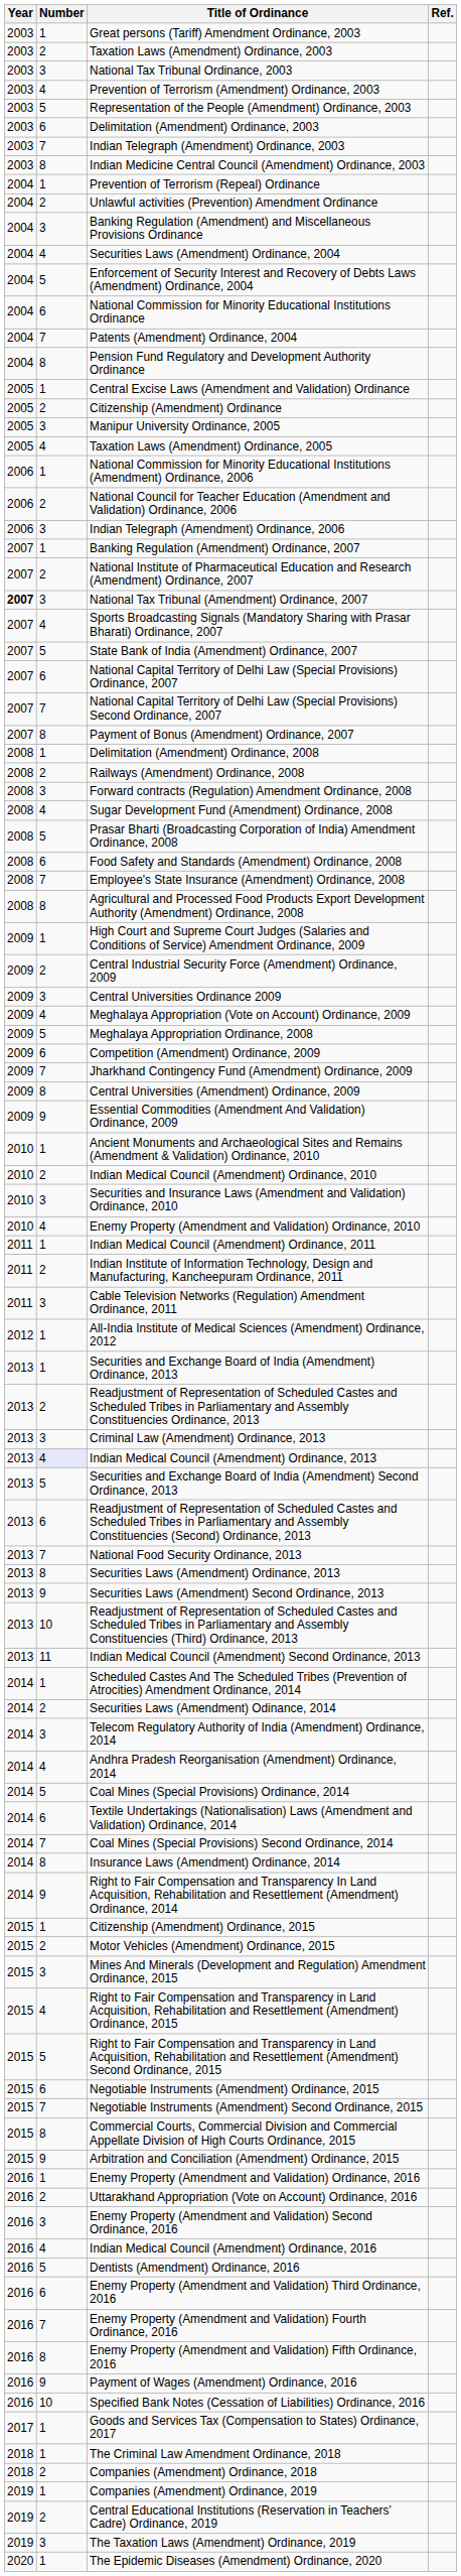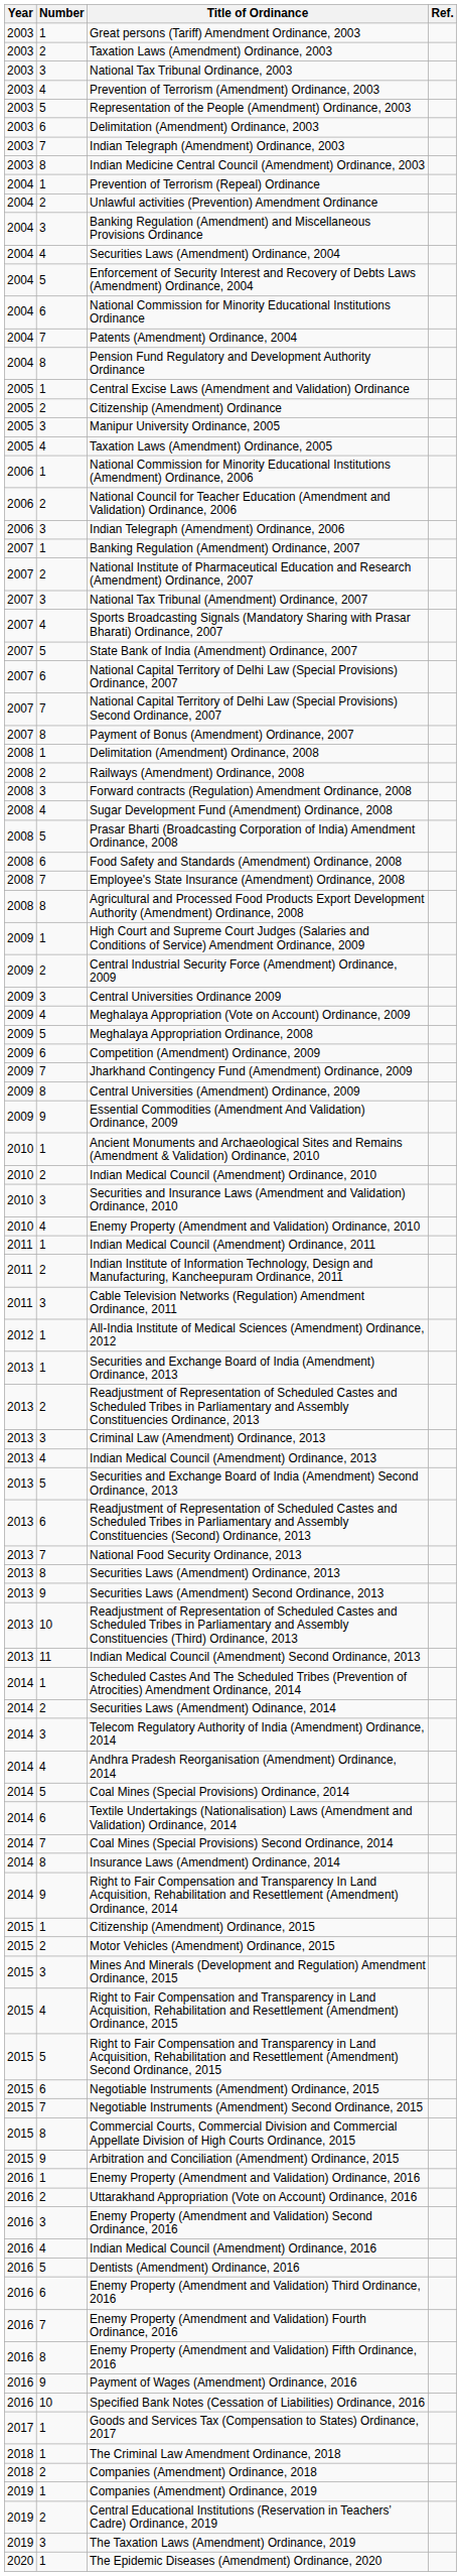 <table class="wikitable">
 <tr>
 <th>Year</th>
 <th>Number</th>
 <th>Title of Ordinance</th>
 <th>Ref.</th>
 </tr>
 <tr>
 <td>2003</td>
 <td>1</td>
 <td>Great persons (Tariff) Amendment Ordinance, 2003</td>
 <td></td>
 </tr>
 <tr>
 <td>2003</td>
 <td>2</td>
 <td>Taxation Laws (Amendment) Ordinance, 2003</td>
 <td></td>
 </tr>
 <tr>
 <td>2003</td>
 <td>3</td>
 <td>National Tax Tribunal Ordinance, 2003</td>
 <td></td>
 </tr>
 <tr>
 <td>2003</td>
 <td>4</td>
 <td>Prevention of Terrorism (Amendment) Ordinance, 2003</td>
 <td></td>
 </tr>
 <tr>
 <td>2003</td>
 <td>5</td>
 <td>Representation of the People (Amendment) Ordinance, 2003</td>
 <td></td>
 </tr>
 <tr>
 <td>2003</td>
 <td>6</td>
 <td>Delimitation (Amendment) Ordinance, 2003</td>
 <td></td>
 </tr>
 <tr>
 <td>2003</td>
 <td>7</td>
 <td>Indian Telegraph (Amendment) Ordinance, 2003</td>
 <td></td>
 </tr>
 <tr>
 <td>2003</td>
 <td>8</td>
 <td>Indian Medicine Central Council (Amendment) Ordinance, 2003</td>
 <td></td>
 </tr>
 <tr>
 <td>2004</td>
 <td>1</td>
 <td>Prevention of Terrorism (Repeal) Ordinance</td>
 <td></td>
 </tr>
 <tr>
 <td>2004</td>
 <td>2</td>
 <td>Unlawful activities (Prevention) Amendment Ordinance</td>
 <td></td>
 </tr>
 <tr>
 <td>2004</td>
 <td>3</td>
 <td>Banking Regulation (Amendment) and Miscellaneous Provisions Ordinance</td>
 <td></td>
 </tr>
 <tr>
 <td>2004</td>
 <td>4</td>
 <td>Securities Laws (Amendment) Ordinance, 2004</td>
 <td></td>
 </tr>
 <tr>
 <td>2004</td>
 <td>5</td>
 <td>Enforcement of Security Interest and Recovery of Debts Laws (Amendment) Ordinance, 2004</td>
 <td></td>
 </tr>
 <tr>
 <td>2004</td>
 <td>6</td>
 <td>National Commission for Minority Educational Institutions Ordinance</td>
 <td></td>
 </tr>
 <tr>
 <td>2004</td>
 <td>7</td>
 <td>Patents (Amendment) Ordinance, 2004</td>
 <td></td>
 </tr>
 <tr>
 <td>2004</td>
 <td>8</td>
 <td>Pension Fund Regulatory and Development Authority Ordinance</td>
 <td></td>
 </tr>
 <tr>
 <td>2005</td>
 <td>1</td>
 <td>Central Excise Laws (Amendment and Validation) Ordinance</td>
 <td></td>
 </tr>
 <tr>
 <td>2005</td>
 <td>2</td>
 <td>Citizenship (Amendment) Ordinance</td>
 <td></td>
 </tr>
 <tr>
 <td>2005</td>
 <td>3</td>
 <td>Manipur University Ordinance, 2005</td>
 <td></td>
 </tr>
 <tr>
 <td>2005</td>
 <td>4</td>
 <td>Taxation Laws (Amendment) Ordinance, 2005</td>
 <td></td>
 </tr>
 <tr>
 <td>2006</td>
 <td>1</td>
 <td>National Commission for Minority Educational Institutions (Amendment) Ordinance, 2006</td>
 <td></td>
 </tr>
 <tr>
 <td>2006</td>
 <td>2</td>
 <td>National Council for Teacher Education (Amendment and Validation) Ordinance, 2006</td>
 <td></td>
 </tr>
 <tr>
 <td>2006</td>
 <td>3</td>
 <td>Indian Telegraph (Amendment) Ordinance, 2006</td>
 <td></td>
 </tr>
 <tr>
 <td>2007</td>
 <td>1</td>
 <td>Banking Regulation (Amendment) Ordinance, 2007</td>
 <td></td>
 </tr>
 <tr>
 <td>2007</td>
 <td>2</td>
 <td>National Institute of Pharmaceutical Education and Research (Amendment) Ordinance, 2007</td>
 <td></td>
 </tr>
 <tr>
-<td><strong>2007</strong></td>
+<td>2007</td>
 <td>3</td>
 <td>National Tax Tribunal (Amendment) Ordinance, 2007</td>
 <td></td>
 </tr>
 <tr>
 <td>2007</td>
 <td>4</td>
 <td>Sports Broadcasting Signals (Mandatory Sharing with Prasar Bharati) Ordinance, 2007</td>
 <td></td>
 </tr>
 <tr>
 <td>2007</td>
 <td>5</td>
 <td>State Bank of India (Amendment) Ordinance, 2007</td>
 <td></td>
 </tr>
 <tr>
 <td>2007</td>
 <td>6</td>
 <td>National Capital Territory of Delhi Law (Special Provisions) Ordinance, 2007</td>
 <td></td>
 </tr>
 <tr>
 <td>2007</td>
 <td>7</td>
 <td>National Capital Territory of Delhi Law (Special Provisions) Second Ordinance, 2007</td>
 <td></td>
 </tr>
 <tr>
 <td>2007</td>
 <td>8</td>
 <td>Payment of Bonus (Amendment) Ordinance, 2007</td>
 <td></td>
 </tr>
 <tr>
 <td>2008</td>
 <td>1</td>
 <td>Delimitation (Amendment) Ordinance, 2008</td>
 <td></td>
 </tr>
 <tr>
 <td>2008</td>
 <td>2</td>
 <td>Railways (Amendment) Ordinance, 2008</td>
 <td></td>
 </tr>
 <tr>
 <td>2008</td>
 <td>3</td>
 <td>Forward contracts (Regulation) Amendment Ordinance, 2008</td>
 <td></td>
 </tr>
 <tr>
 <td>2008</td>
 <td>4</td>
 <td>Sugar Development Fund (Amendment) Ordinance, 2008</td>
 <td></td>
 </tr>
 <tr>
 <td>2008</td>
 <td>5</td>
 <td>Prasar Bharti (Broadcasting Corporation of India) Amendment Ordinance, 2008</td>
 <td></td>
 </tr>
 <tr>
 <td>2008</td>
 <td>6</td>
 <td>Food Safety and Standards (Amendment) Ordinance, 2008</td>
 <td></td>
 </tr>
 <tr>
 <td>2008</td>
 <td>7</td>
 <td>Employee's State Insurance (Amendment) Ordinance, 2008</td>
 <td></td>
 </tr>
 <tr>
 <td>2008</td>
 <td>8</td>
 <td>Agricultural and Processed Food Products Export Development Authority (Amendment) Ordinance, 2008</td>
 <td></td>
 </tr>
 <tr>
 <td>2009</td>
 <td>1</td>
 <td>High Court and Supreme Court Judges (Salaries and Conditions of Service) Amendment Ordinance, 2009</td>
 <td></td>
 </tr>
 <tr>
 <td>2009</td>
 <td>2</td>
 <td>Central Industrial Security Force (Amendment) Ordinance, 2009</td>
 <td></td>
 </tr>
 <tr>
 <td>2009</td>
 <td>3</td>
 <td>Central Universities Ordinance 2009</td>
 <td></td>
 </tr>
 <tr>
 <td>2009</td>
 <td>4</td>
 <td>Meghalaya Appropriation (Vote on Account) Ordinance, 2009</td>
 <td></td>
 </tr>
 <tr>
 <td>2009</td>
 <td>5</td>
 <td>Meghalaya Appropriation Ordinance, 2008</td>
 <td></td>
 </tr>
 <tr>
 <td>2009</td>
 <td>6</td>
 <td>Competition (Amendment) Ordinance, 2009</td>
 <td></td>
 </tr>
 <tr>
 <td>2009</td>
 <td>7</td>
 <td>Jharkhand Contingency Fund (Amendment) Ordinance, 2009</td>
 <td></td>
 </tr>
 <tr>
 <td>2009</td>
 <td>8</td>
 <td>Central Universities (Amendment) Ordinance, 2009</td>
 <td></td>
 </tr>
 <tr>
 <td>2009</td>
 <td>9</td>
 <td>Essential Commodities (Amendment And Validation) Ordinance, 2009</td>
 <td></td>
 </tr>
 <tr>
 <td>2010</td>
 <td>1</td>
 <td>Ancient Monuments and Archaeological Sites and Remains (Amendment & Validation) Ordinance, 2010</td>
 <td></td>
 </tr>
 <tr>
 <td>2010</td>
 <td>2</td>
 <td>Indian Medical Council (Amendment) Ordinance, 2010</td>
 <td></td>
 </tr>
 <tr>
 <td>2010</td>
 <td>3</td>
 <td>Securities and Insurance Laws (Amendment and Validation) Ordinance, 2010</td>
 <td></td>
 </tr>
 <tr>
 <td>2010</td>
 <td>4</td>
 <td>Enemy Property (Amendment and Validation) Ordinance, 2010</td>
 <td></td>
 </tr>
 <tr>
 <td>2011</td>
 <td>1</td>
 <td>Indian Medical Council (Amendment) Ordinance, 2011</td>
 <td></td>
 </tr>
 <tr>
 <td>2011</td>
 <td>2</td>
 <td>Indian Institute of Information Technology, Design and Manufacturing, Kancheepuram Ordinance, 2011</td>
 <td></td>
 </tr>
 <tr>
 <td>2011</td>
 <td>3</td>
 <td>Cable Television Networks (Regulation) Amendment Ordinance, 2011</td>
 <td></td>
 </tr>
 <tr>
 <td>2012</td>
 <td>1</td>
 <td>All-India Institute of Medical Sciences (Amendment) Ordinance, 2012</td>
 <td></td>
 </tr>
 <tr>
 <td>2013</td>
 <td>1</td>
 <td>Securities and Exchange Board of India (Amendment) Ordinance, 2013</td>
 <td></td>
 </tr>
 <tr>
 <td>2013</td>
 <td>2</td>
 <td>Readjustment of Representation of Scheduled Castes and Scheduled Tribes in Parliamentary and Assembly Constituencies Ordinance, 2013</td>
 <td></td>
 </tr>
 <tr>
 <td>2013</td>
 <td>3</td>
 <td>Criminal Law (Amendment) Ordinance, 2013</td>
 <td></td>
 </tr>
 <tr>
 <td>2013</td>
-<td style="background: lavender;">4</td>
+<td>4</td>
 <td>Indian Medical Council (Amendment) Ordinance, 2013</td>
 <td></td>
 </tr>
 <tr>
 <td>2013</td>
 <td>5</td>
 <td>Securities and Exchange Board of India (Amendment) Second Ordinance, 2013</td>
 <td></td>
 </tr>
 <tr>
 <td>2013</td>
 <td>6</td>
 <td>Readjustment of Representation of Scheduled Castes and Scheduled Tribes in Parliamentary and Assembly Constituencies (Second) Ordinance, 2013</td>
 <td></td>
 </tr>
 <tr>
 <td>2013</td>
 <td>7</td>
 <td>National Food Security Ordinance, 2013</td>
 <td></td>
 </tr>
 <tr>
 <td>2013</td>
 <td>8</td>
 <td>Securities Laws (Amendment) Ordinance, 2013</td>
 <td></td>
 </tr>
 <tr>
 <td>2013</td>
 <td>9</td>
 <td>Securities Laws (Amendment) Second Ordinance, 2013</td>
 <td></td>
 </tr>
 <tr>
 <td>2013</td>
 <td>10</td>
 <td>Readjustment of Representation of Scheduled Castes and Scheduled Tribes in Parliamentary and Assembly Constituencies (Third) Ordinance, 2013</td>
 <td></td>
 </tr>
 <tr>
 <td>2013</td>
 <td>11</td>
 <td>Indian Medical Council (Amendment) Second Ordinance, 2013</td>
 <td></td>
 </tr>
 <tr>
 <td>2014</td>
 <td>1</td>
 <td>Scheduled Castes And The Scheduled Tribes (Prevention of Atrocities) Amendment Ordinance, 2014</td>
 <td></td>
 </tr>
 <tr>
 <td>2014</td>
 <td>2</td>
 <td>Securities Laws (Amendment) Odinance, 2014</td>
 <td></td>
 </tr>
 <tr>
 <td>2014</td>
 <td>3</td>
 <td>Telecom Regulatory Authority of India (Amendment) Ordinance, 2014</td>
 <td></td>
 </tr>
 <tr>
 <td>2014</td>
 <td>4</td>
 <td>Andhra Pradesh Reorganisation (Amendment) Ordinance, 2014</td>
 <td></td>
 </tr>
 <tr>
 <td>2014</td>
 <td>5</td>
 <td>Coal Mines (Special Provisions) Ordinance, 2014</td>
 <td></td>
 </tr>
 <tr>
 <td>2014</td>
 <td>6</td>
 <td>Textile Undertakings (Nationalisation) Laws (Amendment and Validation) Ordinance, 2014</td>
 <td></td>
 </tr>
 <tr>
 <td>2014</td>
 <td>7</td>
 <td>Coal Mines (Special Provisions) Second Ordinance, 2014</td>
 <td></td>
 </tr>
 <tr>
 <td>2014</td>
 <td>8</td>
 <td>Insurance Laws (Amendment) Ordinance, 2014</td>
 <td></td>
 </tr>
 <tr>
 <td>2014</td>
 <td>9</td>
 <td>Right to Fair Compensation and Transparency In Land Acquisition, Rehabilitation and Resettlement (Amendment) Ordinance, 2014</td>
 <td></td>
 </tr>
 <tr>
 <td>2015</td>
 <td>1</td>
 <td>Citizenship (Amendment) Ordinance, 2015</td>
 <td></td>
 </tr>
 <tr>
 <td>2015</td>
 <td>2</td>
 <td>Motor Vehicles (Amendment) Ordinance, 2015</td>
 <td></td>
 </tr>
 <tr>
 <td>2015</td>
 <td>3</td>
 <td>Mines And Minerals (Development and Regulation) Amendment Ordinance, 2015</td>
 <td></td>
 </tr>
 <tr>
 <td>2015</td>
 <td>4</td>
 <td>Right to Fair Compensation and Transparency in Land Acquisition, Rehabilitation and Resettlement (Amendment) Ordinance, 2015</td>
 <td></td>
 </tr>
 <tr>
 <td>2015</td>
 <td>5</td>
 <td>Right to Fair Compensation and Transparency in Land Acquisition, Rehabilitation and Resettlement (Amendment) Second Ordinance, 2015</td>
 <td></td>
 </tr>
 <tr>
 <td>2015</td>
 <td>6</td>
 <td>Negotiable Instruments (Amendment) Ordinance, 2015</td>
 <td></td>
 </tr>
 <tr>
 <td>2015</td>
 <td>7</td>
 <td>Negotiable Instruments (Amendment) Second Ordinance, 2015</td>
 <td></td>
 </tr>
 <tr>
 <td>2015</td>
 <td>8</td>
 <td>Commercial Courts, Commercial Division and Commercial Appellate Division of High Courts Ordinance, 2015</td>
 <td></td>
 </tr>
 <tr>
 <td>2015</td>
 <td>9</td>
 <td>Arbitration and Conciliation (Amendment) Ordinance, 2015</td>
 <td></td>
 </tr>
 <tr>
 <td>2016</td>
 <td>1</td>
 <td>Enemy Property (Amendment and Validation) Ordinance, 2016</td>
 <td></td>
 </tr>
 <tr>
 <td>2016</td>
 <td>2</td>
 <td>Uttarakhand Appropriation (Vote on Account) Ordinance, 2016</td>
 <td></td>
 </tr>
 <tr>
 <td>2016</td>
 <td>3</td>
 <td>Enemy Property (Amendment and Validation) Second Ordinance, 2016</td>
 <td></td>
 </tr>
 <tr>
 <td>2016</td>
 <td>4</td>
 <td>Indian Medical Council (Amendment) Ordinance, 2016</td>
 <td></td>
 </tr>
 <tr>
 <td>2016</td>
 <td>5</td>
 <td>Dentists (Amendment) Ordinance, 2016</td>
 <td></td>
 </tr>
 <tr>
 <td>2016</td>
 <td>6</td>
 <td>Enemy Property (Amendment and Validation) Third Ordinance, 2016</td>
 <td></td>
 </tr>
 <tr>
 <td>2016</td>
 <td>7</td>
 <td>Enemy Property (Amendment and Validation) Fourth Ordinance, 2016</td>
 <td></td>
 </tr>
 <tr>
 <td>2016</td>
 <td>8</td>
 <td>Enemy Property (Amendment and Validation) Fifth Ordinance, 2016</td>
 <td></td>
 </tr>
 <tr>
 <td>2016</td>
 <td>9</td>
 <td>Payment of Wages (Amendment) Ordinance, 2016</td>
 <td></td>
 </tr>
 <tr>
 <td>2016</td>
 <td>10</td>
 <td>Specified Bank Notes (Cessation of Liabilities) Ordinance, 2016</td>
 <td></td>
 </tr>
 <tr>
 <td>2017</td>
 <td>1</td>
 <td>Goods and Services Tax (Compensation to States) Ordinance, 2017</td>
 <td> </td>
 </tr>
 <tr>
 <td>2018</td>
 <td>1</td>
 <td>The Criminal Law Amendment Ordinance, 2018</td>
 <td></td>
 </tr>
 <tr>
 <td>2018</td>
 <td>2</td>
 <td>Companies (Amendment) Ordinance, 2018</td>
 <td></td>
 </tr>
 <tr>
 <td>2019</td>
 <td>1</td>
 <td>Companies (Amendment) Ordinance, 2019</td>
 <td></td>
 </tr>
 <tr>
 <td>2019</td>
 <td>2</td>
 <td>Central Educational Institutions (Reservation in Teachers’ Cadre) Ordinance, 2019</td>
 <td></td>
 </tr>
 <tr>
 <td>2019</td>
 <td>3</td>
 <td>The Taxation Laws (Amendment) Ordinance, 2019</td>
 <td></td>
 </tr>
 <tr>
 <td>2020</td>
 <td>1</td>
 <td>The Epidemic Diseases (Amendment) Ordinance, 2020</td>
 <td></td>
 </tr>
 </table>
